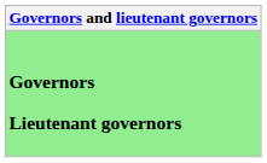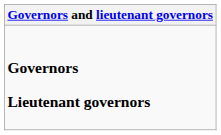 <table class="wikitable collapsible collapsed">
 <tr>
 <th><a href='#'>Governors</a> and <a href='#'>lieutenant governors</a></th>
 </tr>
 <tr>
-<td style="background: lightgreen;"><br><h3>Governors</h3> <h3>Lieutenant governors</h3> </td>
+<td><br><h3>Governors</h3> <h3>Lieutenant governors</h3> </td>
 </tr>
 </table>
